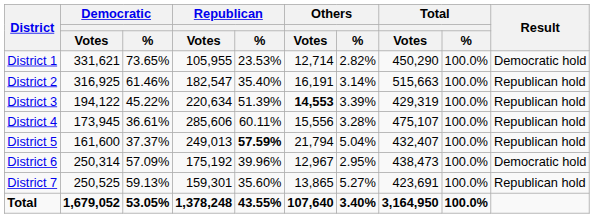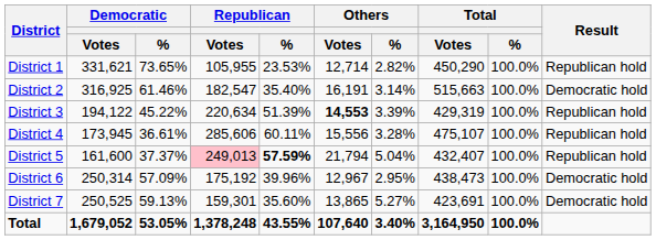 <table class="wikitable plainrowheaders sortable" style="font-size:100%; text-align:right;">
 <tr>
 <th scope=col rowspan=3><a href='#'>District</a></th>
 <th scope=col colspan=2><a href='#'>Democratic</a></th>
 <th scope=col colspan=2><a href='#'>Republican</a></th>
 <th scope=col colspan=2>Others</th>
 <th scope=col colspan=2>Total</th>
 <th scope=col rowspan=3>Result</th>
 </tr>
 <tr>
 <th scope=col colspan=2 style="background:"></th>
 <th scope=col colspan=2 style="background:"></th>
 <th scope=col colspan=2></th>
 <th scope=col colspan=2></th>
 </tr>
 <tr>
 <th scope=col data-sort-type="number">Votes</th>
 <th scope=col data-sort-type="number">%</th>
 <th scope=col data-sort-type="number">Votes</th>
 <th scope=col data-sort-type="number">%</th>
 <th scope=col data-sort-type="number">Votes</th>
 <th scope=col data-sort-type="number">%</th>
 <th scope=col data-sort-type="number">Votes</th>
 <th scope=col data-sort-type="number">%</th>
 </tr>
 <tr>
 <td align=left><a href='#'>District 1</a></td>
 <td>331,621</td>
 <td>73.65%</td>
 <td>105,955</td>
 <td>23.53%</td>
 <td>12,714</td>
 <td>2.82%</td>
 <td>450,290</td>
 <td>100.0%</td>
-<td align=left>Democratic hold</td>
+<td align=left>Republican hold</td>
 </tr>
 <tr>
 <td align=left><a href='#'>District 2</a></td>
 <td>316,925</td>
 <td>61.46%</td>
 <td>182,547</td>
 <td>35.40%</td>
 <td>16,191</td>
 <td>3.14%</td>
 <td>515,663</td>
 <td>100.0%</td>
-<td align=left>Republican hold</td>
+<td align=left>Democratic hold</td>
 </tr>
 <tr>
 <td align=left><a href='#'>District 3</a></td>
 <td>194,122</td>
 <td>45.22%</td>
 <td>220,634</td>
 <td>51.39%</td>
 <td><strong>14,553</strong></td>
 <td>3.39%</td>
 <td>429,319</td>
 <td>100.0%</td>
 <td align=left>Republican hold</td>
 </tr>
 <tr>
 <td align=left><a href='#'>District 4</a></td>
 <td>173,945</td>
 <td>36.61%</td>
 <td>285,606</td>
 <td>60.11%</td>
 <td>15,556</td>
 <td>3.28%</td>
 <td>475,107</td>
 <td>100.0%</td>
 <td align=left>Republican hold</td>
 </tr>
 <tr>
 <td align=left><a href='#'>District 5</a></td>
 <td>161,600</td>
 <td>37.37%</td>
-<td>249,013</td>
+<td style="background: pink;">249,013</td>
 <td><strong>57.59%</strong></td>
 <td>21,794</td>
 <td>5.04%</td>
 <td>432,407</td>
 <td>100.0%</td>
 <td align=left>Republican hold</td>
 </tr>
 <tr>
 <td align=left><a href='#'>District 6</a></td>
 <td>250,314</td>
 <td>57.09%</td>
 <td>175,192</td>
 <td>39.96%</td>
 <td>12,967</td>
 <td>2.95%</td>
 <td>438,473</td>
 <td>100.0%</td>
 <td align=left>Democratic hold</td>
 </tr>
 <tr>
 <td align=left><a href='#'>District 7</a></td>
 <td>250,525</td>
 <td>59.13%</td>
 <td>159,301</td>
 <td>35.60%</td>
 <td>13,865</td>
 <td>5.27%</td>
 <td>423,691</td>
 <td>100.0%</td>
-<td align=left>Republican hold</td>
+<td align=left>Democratic hold</td>
 </tr>
 <tr class="sortbottom" style="font-weight:bold">
 <td align=left>Total</td>
 <td>1,679,052</td>
 <td>53.05%</td>
 <td>1,378,248</td>
 <td>43.55%</td>
 <td>107,640</td>
 <td>3.40%</td>
 <td>3,164,950</td>
 <td>100.0%</td>
 <td></td>
 </tr>
 </table>
